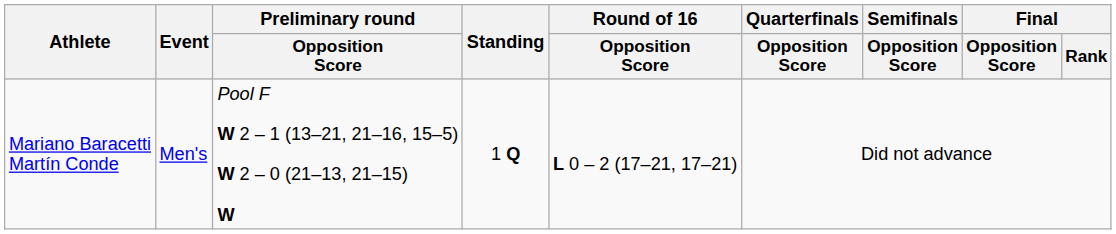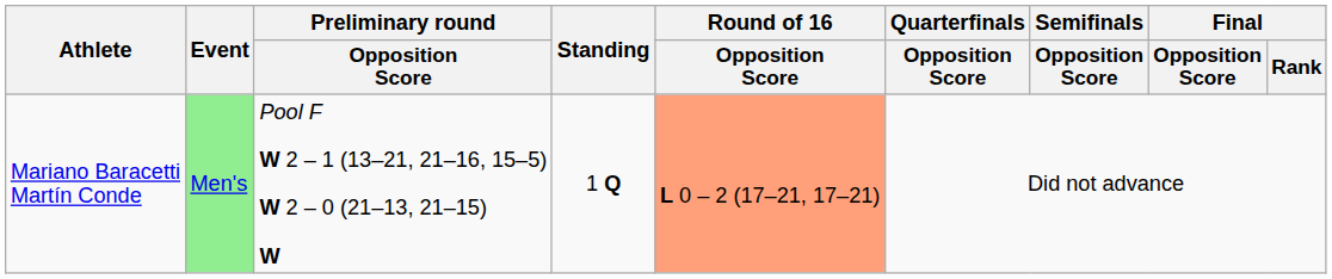 <table class=wikitable style="font-size:90%">
 <tr>
 <th rowspan="2">Athlete</th>
 <th rowspan="2">Event</th>
 <th>Preliminary round</th>
 <th rowspan="2">Standing</th>
 <th>Round of 16</th>
 <th>Quarterfinals</th>
 <th>Semifinals</th>
 <th colspan=2>Final</th>
 </tr>
 <tr style="font-size:95%">
 <th>Opposition<br>Score</th>
 <th>Opposition<br>Score</th>
 <th>Opposition<br>Score</th>
 <th>Opposition<br>Score</th>
 <th>Opposition<br>Score</th>
 <th>Rank</th>
 </tr>
 <tr align=center>
 <td align=left><a href='#'>Mariano Baracetti</a><br><a href='#'>Martín Conde</a></td>
-<td align=left><a href='#'>Men's</a></td>
+<td align=left style="background: lightgreen;"><a href='#'>Men's</a></td>
 <td align=left><em>Pool F</em><br><br><strong>W</strong> 2 – 1 (13–21, 21–16, 15–5)<br><br><strong>W</strong> 2 – 0 (21–13, 21–15)<br><br><strong>W</strong> </td>
 <td>1 <strong>Q</strong></td>
-<td><br><strong>L</strong> 0 – 2 (17–21, 17–21)</td>
+<td style="background: lightsalmon;"><br><strong>L</strong> 0 – 2 (17–21, 17–21)</td>
 <td colspan=4>Did not advance</td>
 </tr>
 </table>
